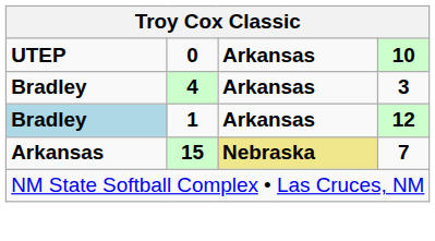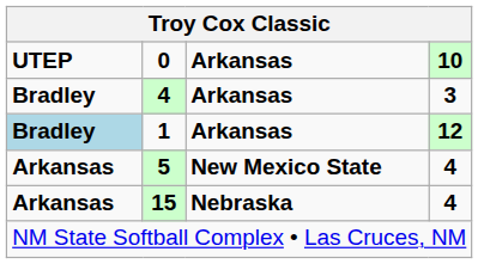 <table class="wikitable" style="float:right">
 <tr>
 <th colspan=4>Troy Cox Classic</th>
 </tr>
 <tr>
 <td><strong>UTEP</strong></td>
 <td style="text-align:center"><strong>0</strong></td>
 <td> <strong>Arkansas</strong></td>
 <td style="background:#ccffcc; text-align:center"><strong>10</strong></td>
 </tr>
 <tr>
 <td><strong>Bradley</strong></td>
 <td style="background:#ccffcc; text-align:center"><strong>4</strong></td>
 <td> <strong>Arkansas</strong></td>
 <td style="text-align:center"><strong>3</strong></td>
 </tr>
 <tr>
 <td style="background: lightblue;"><strong>Bradley</strong></td>
 <td style="text-align:center"><strong>1</strong></td>
 <td> <strong>Arkansas</strong></td>
 <td style="background:#ccffcc; text-align:center"><strong>12</strong></td>
 </tr>
 <tr>
 <td> <strong>Arkansas</strong></td>
+<td style="background:#ccffcc; text-align:center"><strong>5</strong></td>
+<td><strong>New Mexico State</strong></td>
+<td style="text-align:center"><strong>4</strong></td>
+</tr>
+<tr>
+<td> <strong>Arkansas</strong></td>
 <td style="background:#ccffcc; text-align:center"><strong>15</strong></td>
-<td style="background: khaki;"><strong>Nebraska</strong></td>
-<td style="text-align:center"><strong>7</strong></td>
+<td><strong>Nebraska</strong></td>
+<td style="text-align:center"><strong>4</strong></td>
 </tr>
 <tr>
 <td colspan=4><a href='#'>NM State Softball Complex</a> • <a href='#'>Las Cruces, NM</a></td>
 </tr>
 </table>
